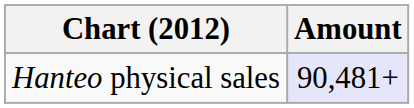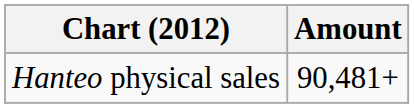 <table class="wikitable">
 <tr>
 <th>Chart (2012)</th>
 <th>Amount</th>
 </tr>
 <tr>
 <td><em>Hanteo</em> physical sales</td>
-<td align="center" style="background: lavender;">90,481+</td>
+<td align="center">90,481+</td>
 </tr>
 </table>
